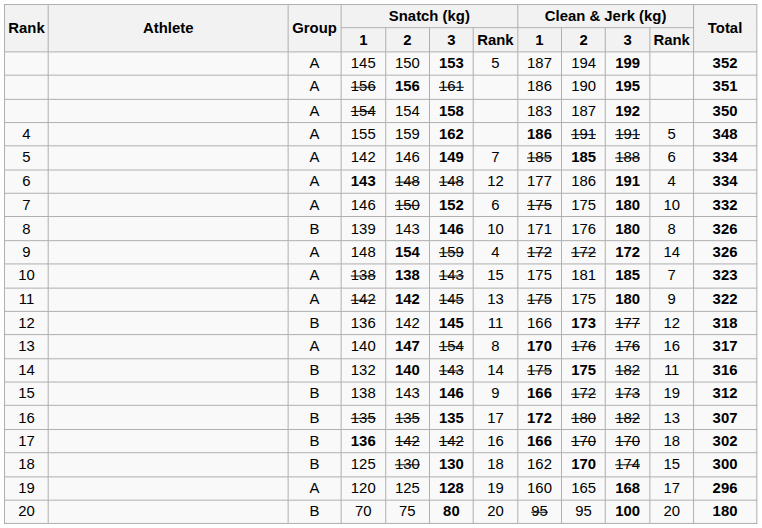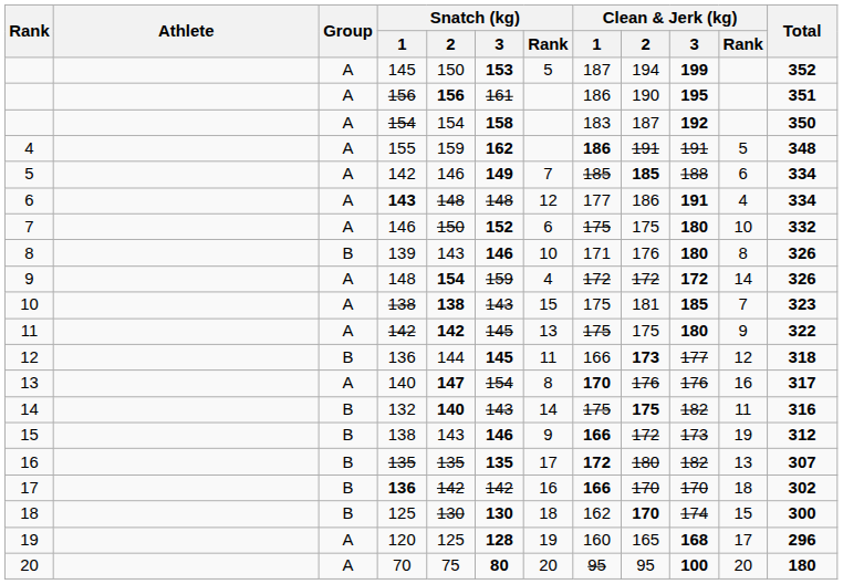 <table class = "wikitable" style="text-align:center;">
 <tr>
 <th rowspan=2 width=40>Rank</th>
 <th rowspan=2 width=250>Athlete</th>
 <th rowspan=2 width=50>Group</th>
 <th colspan=4>Snatch (kg)</th>
 <th colspan=4>Clean & Jerk (kg)</th>
 <th rowspan=2 width=60>Total</th>
 </tr>
 <tr>
 <th width=40>1</th>
 <th width=40>2</th>
 <th width=40>3</th>
 <th width=40>Rank</th>
 <th width=40>1</th>
 <th width=40>2</th>
 <th width=40>3</th>
 <th width=40>Rank</th>
 </tr>
 <tr>
 <td></td>
 <td align=left></td>
 <td>A</td>
 <td>145</td>
 <td>150</td>
 <td><strong>153</strong></td>
 <td>5</td>
 <td>187</td>
 <td>194</td>
 <td><strong>199</strong></td>
 <td></td>
 <td><strong>352</strong></td>
 </tr>
 <tr>
 <td></td>
 <td align=left></td>
 <td>A</td>
 <td><s>156</s></td>
 <td><strong>156</strong></td>
 <td><s>161</s></td>
 <td></td>
 <td>186</td>
 <td>190</td>
 <td><strong>195</strong></td>
 <td></td>
 <td><strong>351</strong></td>
 </tr>
 <tr>
 <td></td>
 <td align=left></td>
 <td>A</td>
 <td><s>154</s></td>
 <td>154</td>
 <td><strong>158</strong></td>
 <td></td>
 <td>183</td>
 <td>187</td>
 <td><strong>192</strong></td>
 <td></td>
 <td><strong>350</strong></td>
 </tr>
 <tr>
 <td>4</td>
 <td align=left></td>
 <td>A</td>
 <td>155</td>
 <td>159</td>
 <td><strong>162</strong></td>
 <td></td>
 <td><strong>186</strong></td>
 <td><s>191</s></td>
 <td><s>191</s></td>
 <td>5</td>
 <td><strong>348</strong></td>
 </tr>
 <tr>
 <td>5</td>
 <td align=left></td>
 <td>A</td>
 <td>142</td>
 <td>146</td>
 <td><strong>149</strong></td>
 <td>7</td>
 <td><s>185</s></td>
 <td><strong>185</strong></td>
 <td><s>188</s></td>
 <td>6</td>
 <td><strong>334</strong></td>
 </tr>
 <tr>
 <td>6</td>
 <td align=left></td>
 <td>A</td>
 <td><strong>143</strong></td>
 <td><s>148</s></td>
 <td><s>148</s></td>
 <td>12</td>
 <td>177</td>
 <td>186</td>
 <td><strong>191</strong></td>
 <td>4</td>
 <td><strong>334</strong></td>
 </tr>
 <tr>
 <td>7</td>
 <td align=left></td>
 <td>A</td>
 <td>146</td>
 <td><s>150</s></td>
 <td><strong>152</strong></td>
 <td>6</td>
 <td><s>175</s></td>
 <td>175</td>
 <td><strong>180</strong></td>
 <td>10</td>
 <td><strong>332</strong></td>
 </tr>
 <tr>
 <td>8</td>
 <td align=left></td>
 <td>B</td>
 <td>139</td>
 <td>143</td>
 <td><strong>146</strong></td>
 <td>10</td>
 <td>171</td>
 <td>176</td>
 <td><strong>180</strong></td>
 <td>8</td>
 <td><strong>326</strong></td>
 </tr>
 <tr>
 <td>9</td>
 <td align=left></td>
 <td>A</td>
 <td>148</td>
 <td><strong>154</strong></td>
 <td><s>159</s></td>
 <td>4</td>
 <td><s>172</s></td>
 <td><s>172</s></td>
 <td><strong>172</strong></td>
 <td>14</td>
 <td><strong>326</strong></td>
 </tr>
 <tr>
 <td>10</td>
 <td align=left></td>
 <td>A</td>
 <td><s>138</s></td>
 <td><strong>138</strong></td>
 <td><s>143</s></td>
 <td>15</td>
 <td>175</td>
 <td>181</td>
 <td><strong>185</strong></td>
 <td>7</td>
 <td><strong>323</strong></td>
 </tr>
 <tr>
 <td>11</td>
 <td align=left></td>
 <td>A</td>
 <td><s>142</s></td>
 <td><strong>142</strong></td>
 <td><s>145</s></td>
 <td>13</td>
 <td><s>175</s></td>
 <td>175</td>
 <td><strong>180</strong></td>
 <td>9</td>
 <td><strong>322</strong></td>
 </tr>
 <tr>
 <td>12</td>
 <td align=left></td>
 <td>B</td>
 <td>136</td>
-<td>142</td>
+<td>144</td>
 <td><strong>145</strong></td>
 <td>11</td>
 <td>166</td>
 <td><strong>173</strong></td>
 <td><s>177</s></td>
 <td>12</td>
 <td><strong>318</strong></td>
 </tr>
 <tr>
 <td>13</td>
 <td align=left></td>
 <td>A</td>
 <td>140</td>
 <td><strong>147</strong></td>
 <td><s>154</s></td>
 <td>8</td>
 <td><strong>170</strong></td>
 <td><s>176</s></td>
 <td><s>176</s></td>
 <td>16</td>
 <td><strong>317</strong></td>
 </tr>
 <tr>
 <td>14</td>
 <td align=left></td>
 <td>B</td>
 <td>132</td>
 <td><strong>140</strong></td>
 <td><s>143</s></td>
 <td>14</td>
 <td><s>175</s></td>
 <td><strong>175</strong></td>
 <td><s>182</s></td>
 <td>11</td>
 <td><strong>316</strong></td>
 </tr>
 <tr>
 <td>15</td>
 <td align=left></td>
 <td>B</td>
 <td>138</td>
 <td>143</td>
 <td><strong>146</strong></td>
 <td>9</td>
 <td><strong>166</strong></td>
 <td><s>172</s></td>
 <td><s>173</s></td>
 <td>19</td>
 <td><strong>312</strong></td>
 </tr>
 <tr>
 <td>16</td>
 <td align=left></td>
 <td>B</td>
 <td><s>135</s></td>
 <td><s>135</s></td>
 <td><strong>135</strong></td>
 <td>17</td>
 <td><strong>172</strong></td>
 <td><s>180</s></td>
 <td><s>182</s></td>
 <td>13</td>
 <td><strong>307</strong></td>
 </tr>
 <tr>
 <td>17</td>
 <td align=left></td>
 <td>B</td>
 <td><strong>136</strong></td>
 <td><s>142</s></td>
 <td><s>142</s></td>
 <td>16</td>
 <td><strong>166</strong></td>
 <td><s>170</s></td>
 <td><s>170</s></td>
 <td>18</td>
 <td><strong>302</strong></td>
 </tr>
 <tr>
 <td>18</td>
 <td align=left></td>
 <td>B</td>
 <td>125</td>
 <td><s>130</s></td>
 <td><strong>130</strong></td>
 <td>18</td>
 <td>162</td>
 <td><strong>170</strong></td>
 <td><s>174</s></td>
 <td>15</td>
 <td><strong>300</strong></td>
 </tr>
 <tr>
 <td>19</td>
 <td align=left></td>
 <td>A</td>
 <td>120</td>
 <td>125</td>
 <td><strong>128</strong></td>
 <td>19</td>
 <td>160</td>
 <td>165</td>
 <td><strong>168</strong></td>
 <td>17</td>
 <td><strong>296</strong></td>
 </tr>
 <tr>
 <td>20</td>
 <td align=left></td>
-<td>B</td>
+<td>A</td>
 <td>70</td>
 <td>75</td>
 <td><strong>80</strong></td>
 <td>20</td>
 <td><s>95</s></td>
 <td>95</td>
 <td><strong>100</strong></td>
 <td>20</td>
 <td><strong>180</strong></td>
 </tr>
 </table>
